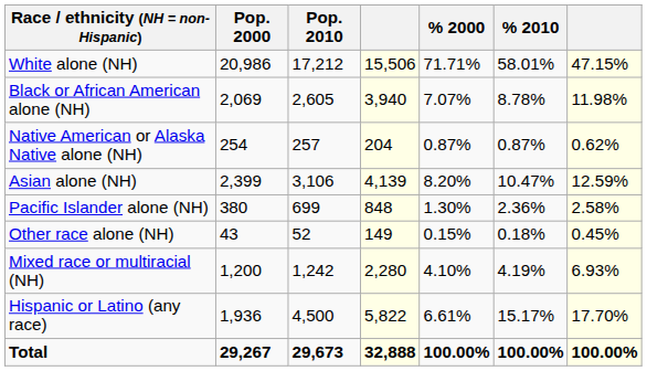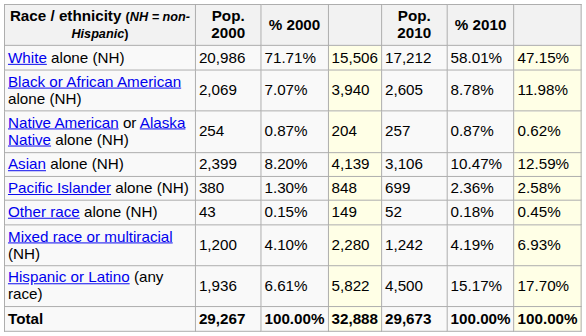 <table class="wikitable">
 <tr>
 <th>Race / ethnicity <small>(<em>NH = non-Hispanic</em>)</small></th>
 <th>Pop. 2000</th>
+<th>% 2000</th>
+<th></th>
 <th>Pop. 2010</th>
-<th></th>
-<th>% 2000</th>
 <th>% 2010</th>
 <th></th>
 </tr>
 <tr>
 <td><a href='#'>White</a> alone (NH)</td>
 <td>20,986</td>
+<td>71.71%</td>
+<td style='background: #ffffe6;'>15,506</td>
 <td>17,212</td>
-<td style='background: #ffffe6;'>15,506</td>
-<td>71.71%</td>
 <td>58.01%</td>
 <td style='background: #ffffe6;'>47.15%</td>
 </tr>
 <tr>
 <td><a href='#'>Black or African American</a> alone (NH)</td>
 <td>2,069</td>
+<td>7.07%</td>
+<td style='background: #ffffe6;'>3,940</td>
 <td>2,605</td>
-<td style='background: #ffffe6;'>3,940</td>
-<td>7.07%</td>
 <td>8.78%</td>
 <td style='background: #ffffe6;'>11.98%</td>
 </tr>
 <tr>
 <td><a href='#'>Native American</a> or <a href='#'>Alaska Native</a> alone (NH)</td>
 <td>254</td>
+<td>0.87%</td>
+<td style='background: #ffffe6;'>204</td>
 <td>257</td>
-<td style='background: #ffffe6;'>204</td>
-<td>0.87%</td>
 <td>0.87%</td>
 <td style='background: #ffffe6;'>0.62%</td>
 </tr>
 <tr>
 <td><a href='#'>Asian</a> alone (NH)</td>
 <td>2,399</td>
+<td>8.20%</td>
+<td style='background: #ffffe6;'>4,139</td>
 <td>3,106</td>
-<td style='background: #ffffe6;'>4,139</td>
-<td>8.20%</td>
 <td>10.47%</td>
 <td style='background: #ffffe6;'>12.59%</td>
 </tr>
 <tr>
 <td><a href='#'>Pacific Islander</a> alone (NH)</td>
 <td>380</td>
+<td>1.30%</td>
+<td style='background: #ffffe6;'>848</td>
 <td>699</td>
-<td style='background: #ffffe6;'>848</td>
-<td>1.30%</td>
 <td>2.36%</td>
 <td style='background: #ffffe6;'>2.58%</td>
 </tr>
 <tr>
 <td><a href='#'>Other race</a> alone (NH)</td>
 <td>43</td>
+<td>0.15%</td>
+<td style='background: #ffffe6;'>149</td>
 <td>52</td>
-<td style='background: #ffffe6;'>149</td>
-<td>0.15%</td>
 <td>0.18%</td>
 <td style='background: #ffffe6;'>0.45%</td>
 </tr>
 <tr>
 <td><a href='#'>Mixed race or multiracial</a> (NH)</td>
 <td>1,200</td>
+<td>4.10%</td>
+<td style='background: #ffffe6;'>2,280</td>
 <td>1,242</td>
-<td style='background: #ffffe6;'>2,280</td>
-<td>4.10%</td>
 <td>4.19%</td>
 <td style='background: #ffffe6;'>6.93%</td>
 </tr>
 <tr>
 <td><a href='#'>Hispanic or Latino</a> (any race)</td>
 <td>1,936</td>
+<td>6.61%</td>
+<td style='background: #ffffe6;'>5,822</td>
 <td>4,500</td>
-<td style='background: #ffffe6;'>5,822</td>
-<td>6.61%</td>
 <td>15.17%</td>
 <td style='background: #ffffe6;'>17.70%</td>
 </tr>
 <tr>
 <td><strong>Total</strong></td>
 <td><strong>29,267</strong></td>
+<td><strong>100.00%</strong></td>
+<td style='background: #ffffe6;'><strong>32,888</strong></td>
 <td><strong>29,673</strong></td>
-<td style='background: #ffffe6;'><strong>32,888</strong></td>
-<td><strong>100.00%</strong></td>
 <td><strong>100.00%</strong></td>
 <td style='background: #ffffe6;'><strong>100.00%</strong></td>
 </tr>
 </table>
